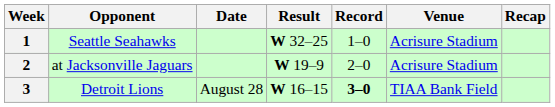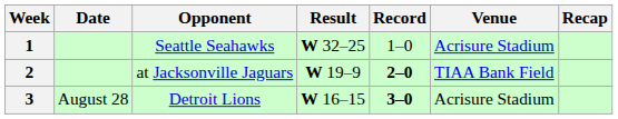 <table class="wikitable" style="text-align:center">
 <tr>
 <th>Week</th>
+<th>Date</th>
 <th>Opponent</th>
-<th>Date</th>
 <th>Result</th>
 <th>Record</th>
 <th>Venue</th>
 <th>Recap</th>
 </tr>
 <tr style="background:#cfc">
 <th>1</th>
+<td></td>
 <td><a href='#'>Seattle Seahawks</a></td>
-<td></td>
 <td><strong>W</strong> 32–25</td>
 <td>1–0</td>
 <td><a href='#'>Acrisure Stadium</a></td>
 <td></td>
 </tr>
 <tr style="background:#cfc">
 <th>2</th>
+<td></td>
 <td>at <a href='#'>Jacksonville Jaguars</a></td>
-<td></td>
 <td><strong>W</strong> 19–9</td>
-<td>2–0</td>
-<td><a href='#'>Acrisure Stadium</a></td>
+<td><strong>2–0</strong></td>
+<td><a href='#'>TIAA Bank Field</a></td>
 <td></td>
 </tr>
 <tr style="background:#cfc">
 <th>3</th>
+<td>August 28</td>
 <td><a href='#'>Detroit Lions</a></td>
-<td>August 28</td>
 <td><strong>W</strong> 16–15</td>
 <td><strong>3–0</strong></td>
-<td><a href='#'>TIAA Bank Field</a></td>
+<td>Acrisure Stadium</td>
 <td></td>
 </tr>
 </table>
